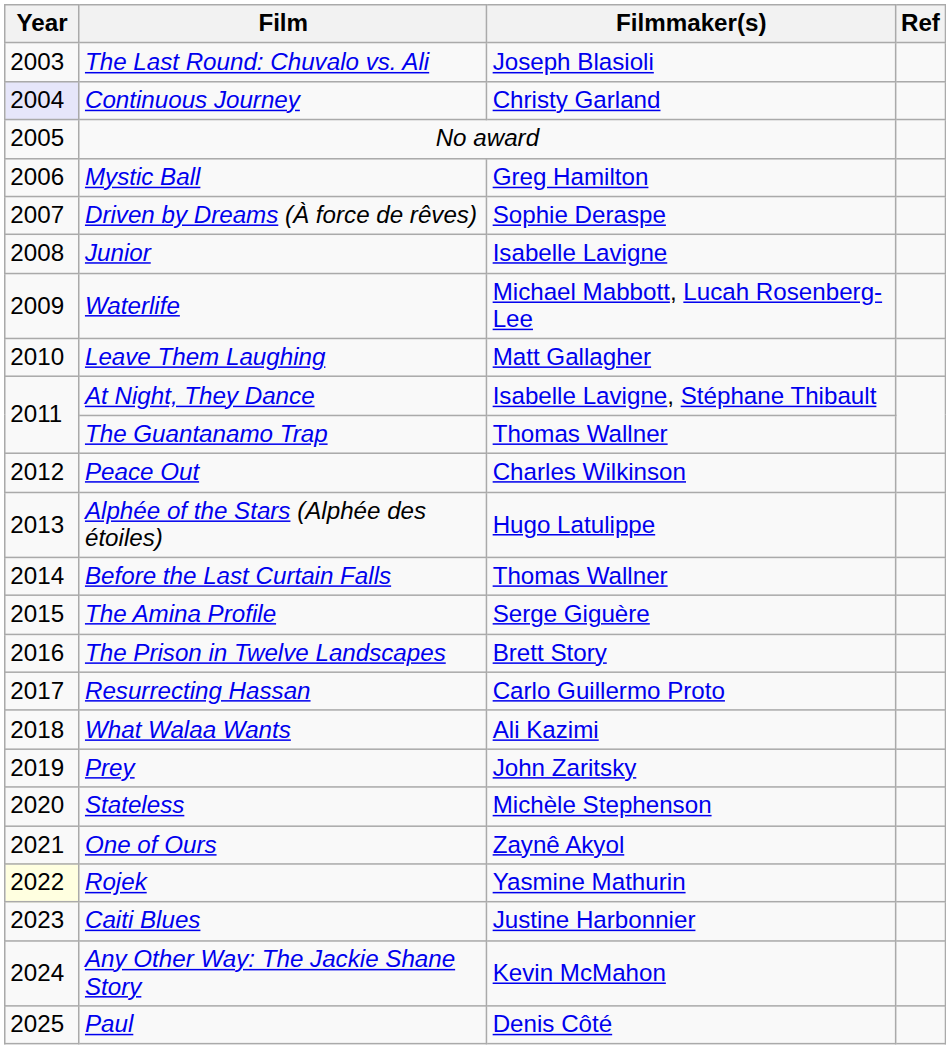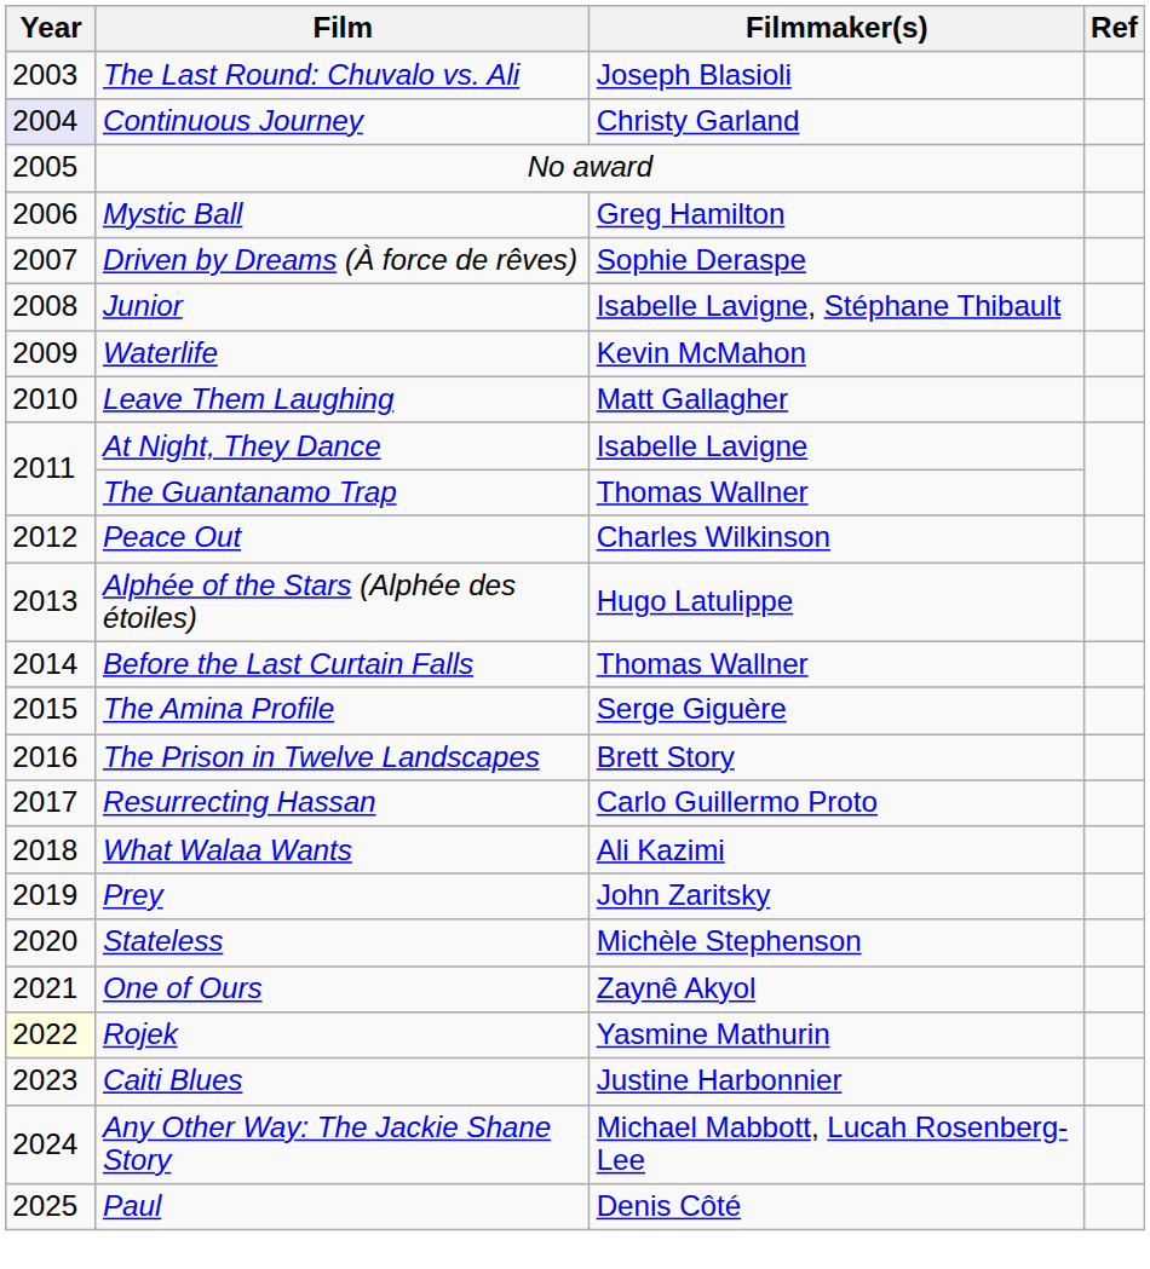 <table class = "wikitable sortable" width=100%>
 <tr>
 <th style="width:8%;">Year</th>
 <th style="width:45%;">Film</th>
 <th style="width:45%;">Filmmaker(s)</th>
 <th style="width:2%;">Ref</th>
 </tr>
 <tr>
 <td>2003</td>
 <td><em><a href='#'>The Last Round: Chuvalo vs. Ali</a></em></td>
 <td><a href='#'>Joseph Blasioli</a></td>
 <td></td>
 </tr>
 <tr>
 <td style="background: lavender;">2004</td>
 <td><em><a href='#'>Continuous Journey</a></em></td>
 <td><a href='#'>Christy Garland</a></td>
 <td></td>
 </tr>
 <tr>
 <td>2005</td>
 <td colspan=2 align=center><em>No award</em></td>
 <td></td>
 </tr>
 <tr>
 <td>2006</td>
 <td><em><a href='#'>Mystic Ball</a></em></td>
 <td><a href='#'>Greg Hamilton</a></td>
 <td></td>
 </tr>
 <tr>
 <td>2007</td>
 <td><em><a href='#'>Driven by Dreams</a> (À force de rêves)</em></td>
 <td><a href='#'>Sophie Deraspe</a></td>
 <td></td>
 </tr>
 <tr>
 <td>2008</td>
 <td><em><a href='#'>Junior</a></em></td>
-<td><a href='#'>Isabelle Lavigne</a></td>
+<td><a href='#'>Isabelle Lavigne</a>, <a href='#'>Stéphane Thibault</a></td>
 <td></td>
 </tr>
 <tr>
 <td>2009</td>
 <td><em><a href='#'>Waterlife</a></em></td>
-<td><a href='#'>Michael Mabbott</a>, <a href='#'>Lucah Rosenberg-Lee</a></td>
+<td><a href='#'>Kevin McMahon</a></td>
 <td></td>
 </tr>
 <tr>
 <td>2010</td>
 <td><em><a href='#'>Leave Them Laughing</a></em></td>
 <td><a href='#'>Matt Gallagher</a></td>
 <td></td>
 </tr>
 <tr>
 <td rowspan=2>2011</td>
 <td><em><a href='#'>At Night, They Dance</a></em></td>
-<td><a href='#'>Isabelle Lavigne</a>, <a href='#'>Stéphane Thibault</a></td>
+<td><a href='#'>Isabelle Lavigne</a></td>
 <td rowspan=2></td>
 </tr>
 <tr>
 <td><em><a href='#'>The Guantanamo Trap</a></em></td>
 <td><a href='#'>Thomas Wallner</a></td>
 </tr>
 <tr>
 <td>2012</td>
 <td><em><a href='#'>Peace Out</a></em></td>
 <td><a href='#'>Charles Wilkinson</a></td>
 <td></td>
 </tr>
 <tr>
 <td>2013</td>
 <td><em><a href='#'>Alphée of the Stars</a> (Alphée des étoiles)</em></td>
 <td><a href='#'>Hugo Latulippe</a></td>
 <td></td>
 </tr>
 <tr>
 <td>2014</td>
 <td><em><a href='#'>Before the Last Curtain Falls</a></em></td>
 <td><a href='#'>Thomas Wallner</a></td>
 <td></td>
 </tr>
 <tr>
 <td>2015</td>
 <td><em><a href='#'>The Amina Profile</a></em></td>
 <td><a href='#'>Serge Giguère</a></td>
 <td></td>
 </tr>
 <tr>
 <td>2016</td>
 <td><em><a href='#'>The Prison in Twelve Landscapes</a></em></td>
 <td><a href='#'>Brett Story</a></td>
 <td></td>
 </tr>
 <tr>
 <td>2017</td>
 <td><em><a href='#'>Resurrecting Hassan</a></em></td>
 <td><a href='#'>Carlo Guillermo Proto</a></td>
 <td></td>
 </tr>
 <tr>
 <td>2018</td>
 <td><em><a href='#'>What Walaa Wants</a></em></td>
 <td><a href='#'>Ali Kazimi</a></td>
 <td></td>
 </tr>
 <tr>
 <td>2019</td>
 <td><em><a href='#'>Prey</a></em></td>
 <td><a href='#'>John Zaritsky</a></td>
 <td></td>
 </tr>
 <tr>
 <td>2020</td>
 <td><em><a href='#'>Stateless</a></em></td>
 <td><a href='#'>Michèle Stephenson</a></td>
 <td></td>
 </tr>
 <tr>
 <td>2021</td>
 <td><em><a href='#'>One of Ours</a></em></td>
 <td><a href='#'>Zaynê Akyol</a></td>
 <td></td>
 </tr>
 <tr>
 <td style="background: lightyellow;">2022</td>
 <td><em><a href='#'>Rojek</a></em></td>
 <td><a href='#'>Yasmine Mathurin</a></td>
 <td></td>
 </tr>
 <tr>
 <td>2023</td>
 <td><em><a href='#'>Caiti Blues</a></em></td>
 <td><a href='#'>Justine Harbonnier</a></td>
 <td></td>
 </tr>
 <tr>
 <td>2024</td>
 <td><em><a href='#'>Any Other Way: The Jackie Shane Story</a></em></td>
-<td><a href='#'>Kevin McMahon</a></td>
+<td><a href='#'>Michael Mabbott</a>, <a href='#'>Lucah Rosenberg-Lee</a></td>
 <td></td>
 </tr>
 <tr>
 <td>2025</td>
 <td><em><a href='#'>Paul</a></em></td>
 <td><a href='#'>Denis Côté</a></td>
 <td></td>
 </tr>
 </table>
